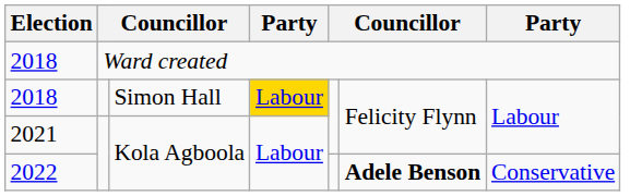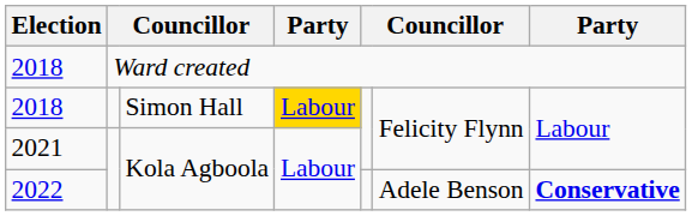 <table class="wikitable">
 <tr>
 <th>Election</th>
 <th colspan="2">Councillor</th>
 <th>Party</th>
 <th colspan="2">Councillor</th>
 <th>Party</th>
 </tr>
 <tr>
 <td><a href='#'>2018</a></td>
 <td colspan="12"><em>Ward created</em></td>
 </tr>
 <tr>
 <td><a href='#'>2018</a></td>
 <td style="background-color: "></td>
 <td>Simon Hall</td>
 <td style="background: gold;"><a href='#'>Labour</a></td>
 <td rowspan="2" style="background-color: "></td>
 <td rowspan="2">Felicity Flynn</td>
 <td rowspan="2"><a href='#'>Labour</a></td>
 </tr>
 <tr>
 <td>2021</td>
 <td rowspan="2" style="background-color: "></td>
 <td rowspan="2">Kola Agboola</td>
 <td rowspan="2"><a href='#'>Labour</a></td>
 </tr>
 <tr>
 <td><a href='#'>2022</a></td>
 <td style="background-color: "></td>
-<td><strong>Adele Benson</strong></td>
-<td><a href='#'>Conservative</a></td>
+<td>Adele Benson</td>
+<td><strong><a href='#'>Conservative</a></strong></td>
 </tr>
 </table>
